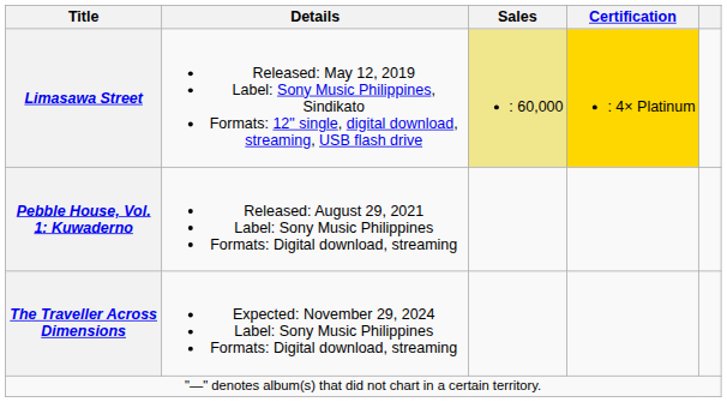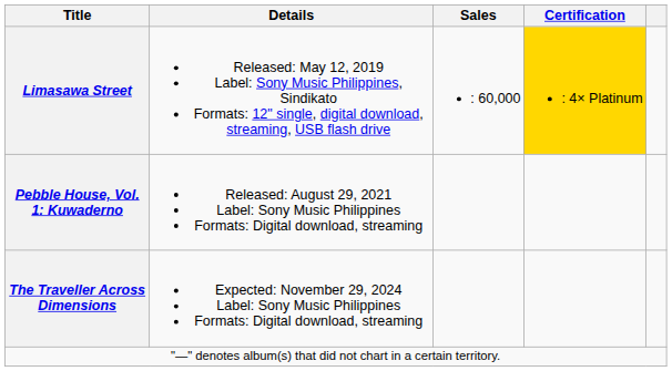 <table class="wikitable plainrowheaders" style="text-align:center;">
 <tr>
 <th scope="col" style="width:10em;">Title</th>
 <th scope="col" style="width:20em;">Details</th>
 <th scope="col">Sales</th>
 <th scope="col"><a href='#'>Certification</a></th>
 <th scope="col" class="unsortable" style="width:1em;"></th>
 </tr>
 <tr>
 <th scope="row"><em><a href='#'>Limasawa Street</a></em></th>
 <td><br><ul><li>Released: May 12, 2019</li><li>Label: <a href='#'>Sony Music Philippines</a>, Sindikato</li><li>Formats: <a href='#'>12" single</a>, <a href='#'>digital download</a>, <a href='#'>streaming</a>, <a href='#'>USB flash drive</a></li></ul></td>
-<td style="background: khaki;"><br><ul><li>: 60,000</li></ul></td>
+<td><br><ul><li>: 60,000</li></ul></td>
 <td style="background: gold;"><br><ul><li>: 4× Platinum</li></ul></td>
 <td></td>
 </tr>
 <tr>
 <th scope="row"><em><a href='#'>Pebble House, Vol. 1: Kuwaderno</a></em></th>
 <td><br><ul><li>Released: August 29, 2021</li><li>Label: Sony Music Philippines</li><li>Formats: Digital download, streaming</li></ul></td>
 <td></td>
 <td></td>
 <td></td>
 </tr>
 <tr>
 <th scope="row"><em><a href='#'>The Traveller Across Dimensions</a></em></th>
 <td><br><ul><li>Expected: November 29, 2024</li><li>Label: Sony Music Philippines</li><li>Formats: Digital download, streaming</li></ul></td>
 <td></td>
 <td></td>
 <td></td>
 </tr>
 <tr>
 <td colspan="6" style="font-size:90%">"—" denotes album(s) that did not chart in a certain territory.</td>
 </tr>
 </table>
